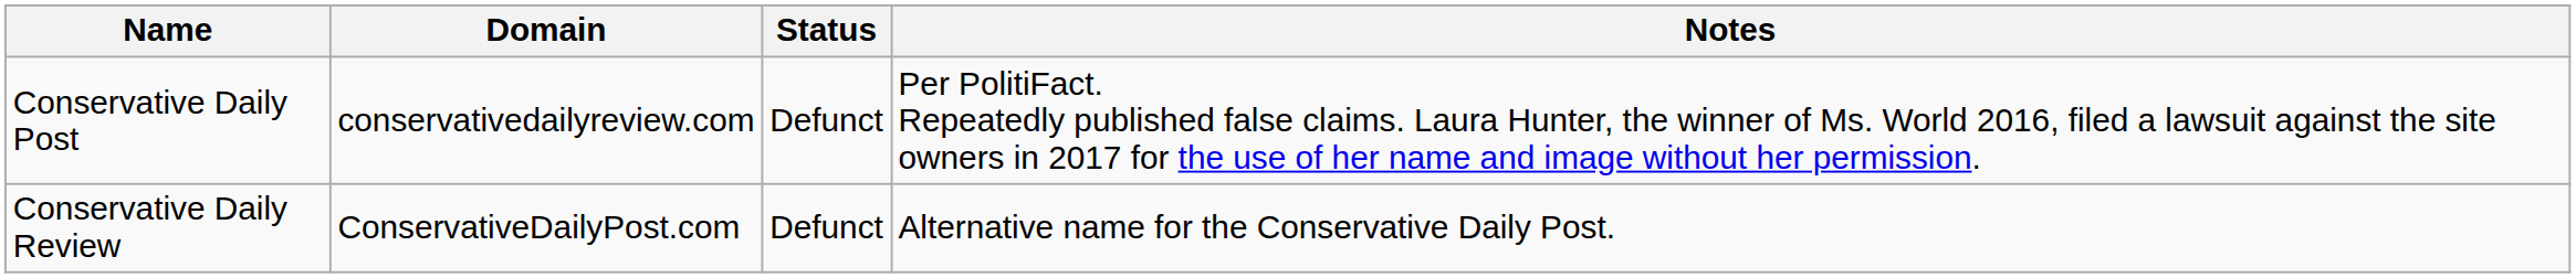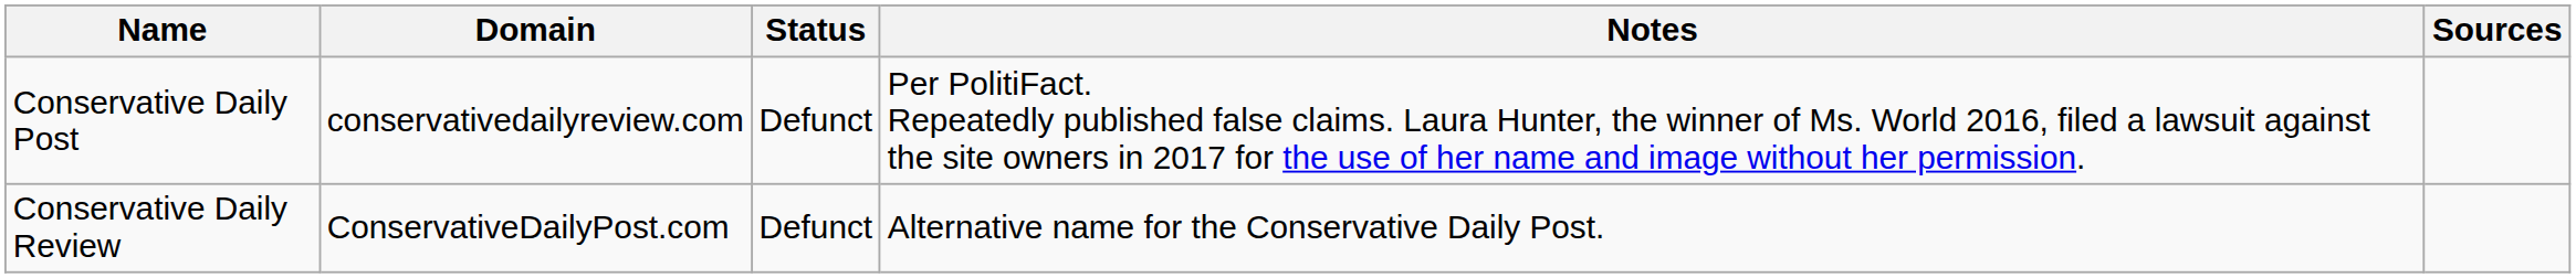 <table class="wikitable sortable mw-collapsible">
 <tr>
 <th>Name</th>
 <th>Domain</th>
 <th>Status</th>
 <th class="sortable">Notes</th>
+<th class="unsortable">Sources</th>
 </tr>
 <tr>
 <td>Conservative Daily Post</td>
 <td>conservativedailyreview.com</td>
 <td>Defunct</td>
 <td>Per PolitiFact.<br>Repeatedly published false claims. Laura Hunter, the winner of Ms. World 2016, filed a lawsuit against the site owners in 2017 for <a href='#'>the use of her name and image without her permission</a>.</td>
+<td></td>
 </tr>
 <tr>
 <td>Conservative Daily Review</td>
 <td>ConservativeDailyPost.com</td>
 <td>Defunct</td>
 <td>Alternative name for the Conservative Daily Post.</td>
+<td></td>
 </tr>
 </table>
